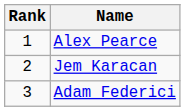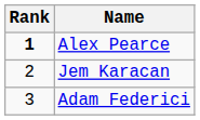 <table class="wikitable" style="text-align:center; border:1px #aaa solid; font-size:95%;">
 <tr>
 <th>Rank</th>
 <th>Name</th>
 </tr>
 <tr>
-<td>1</td>
+<td><strong>1</strong></td>
 <td align=left><a href='#'>Alex Pearce</a></td>
 </tr>
 <tr>
 <td>2</td>
 <td align=left><a href='#'>Jem Karacan</a></td>
 </tr>
 <tr>
 <td>3</td>
 <td align=left><a href='#'>Adam Federici</a></td>
 </tr>
 </table>
